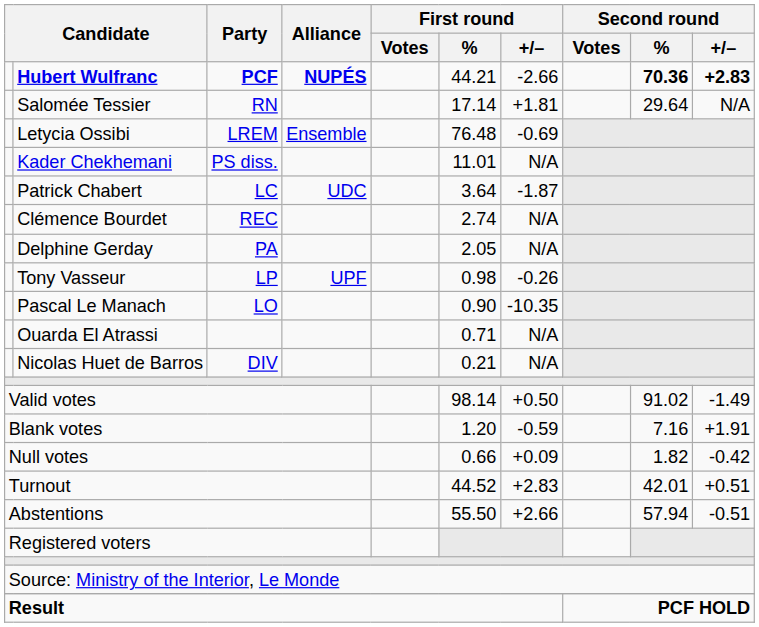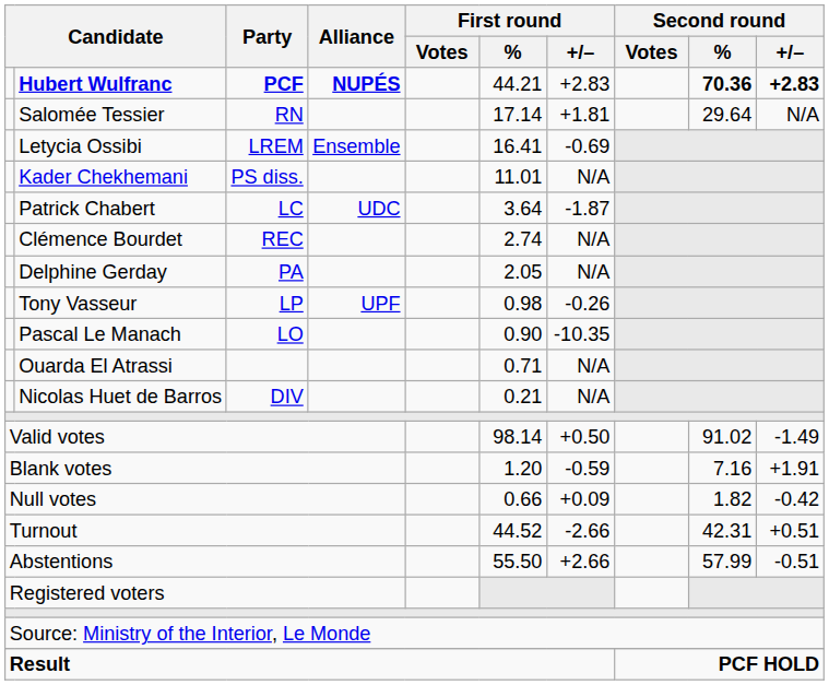 <table class="wikitable" style="text-align:right;font-size:95%;">
 <tr>
 <th rowspan="2" colspan="2">Candidate</th>
 <th rowspan="2">Party</th>
 <th rowspan="2">Alliance</th>
 <th colspan="3">First round</th>
 <th colspan="3">Second round</th>
 </tr>
 <tr>
 <th style="width:50px;">Votes</th>
 <th style="width:45px;">%</th>
 <th style="width:45px;">+/–</th>
 <th style="width:50px;">Votes</th>
 <th style="width:45px;">%</th>
 <th style="width:45px;">+/–</th>
 </tr>
 <tr>
 <td style="color:inherit;background:"></td>
 <td style="text-align:left;"><strong><a href='#'>Hubert Wulfranc</a></strong></td>
 <td><a href='#'><strong>PCF</strong></a> </td>
 <td><a href='#'><strong>NUPÉS</strong></a> </td>
 <td></td>
 <td>44.21</td>
-<td>-2.66</td>
+<td>+2.83</td>
 <td><strong></strong></td>
 <td><strong>70.36</strong></td>
 <td><strong>+2.83</strong></td>
 </tr>
 <tr>
 <td style="color:inherit;background:"></td>
 <td style="text-align:left;">Salomée Tessier</td>
 <td><a href='#'>RN</a> </td>
 <td></td>
 <td></td>
 <td>17.14</td>
 <td>+1.81</td>
 <td></td>
 <td>29.64</td>
 <td>N/A</td>
 </tr>
 <tr>
 <td style="color:inherit;background:"></td>
 <td style="text-align:left;">Letycia Ossibi</td>
 <td><a href='#'>LREM</a></td>
 <td><a href='#'>Ensemble</a></td>
 <td></td>
-<td>76.48</td>
+<td>16.41</td>
 <td>-0.69</td>
 <td colspan="3" style="background:#E9E9E9;"></td>
 </tr>
 <tr>
 <td style="color:inherit;background:"></td>
 <td style="text-align:left;"><a href='#'>Kader Chekhemani</a></td>
 <td><a href='#'>PS diss.</a></td>
 <td></td>
 <td></td>
 <td>11.01</td>
 <td>N/A</td>
 <td colspan="3" style="background:#E9E9E9;"></td>
 </tr>
 <tr>
 <td style="color:inherit;background:"></td>
 <td style="text-align:left;">Patrick Chabert</td>
 <td><a href='#'>LC</a></td>
 <td><a href='#'>UDC</a></td>
 <td></td>
 <td>3.64</td>
 <td>-1.87</td>
 <td colspan="3" style="background:#E9E9E9;"></td>
 </tr>
 <tr>
 <td style="color:inherit;background:"></td>
 <td style="text-align:left;">Clémence Bourdet</td>
 <td><a href='#'>REC</a></td>
 <td></td>
 <td></td>
 <td>2.74</td>
 <td>N/A</td>
 <td colspan="3" style="background:#E9E9E9;"></td>
 </tr>
 <tr>
 <td style="color:inherit;background:"></td>
 <td style="text-align:left;">Delphine Gerday</td>
 <td><a href='#'>PA</a></td>
 <td></td>
 <td></td>
 <td>2.05</td>
 <td>N/A</td>
 <td colspan="3" style="background:#E9E9E9;"></td>
 </tr>
 <tr>
 <td style="color:inherit;background:"></td>
 <td style="text-align:left;">Tony Vasseur</td>
 <td><a href='#'>LP</a></td>
 <td><a href='#'>UPF</a></td>
 <td></td>
 <td>0.98</td>
 <td>-0.26</td>
 <td colspan="3" style="background:#E9E9E9;"></td>
 </tr>
 <tr>
 <td style="color:inherit;background:"></td>
 <td style="text-align:left;">Pascal Le Manach</td>
 <td><a href='#'>LO</a></td>
 <td></td>
 <td></td>
 <td>0.90</td>
 <td>-10.35</td>
 <td colspan="3" style="background:#E9E9E9;"></td>
 </tr>
 <tr>
 <td style="color:inherit;background:"></td>
 <td style="text-align:left;">Ouarda El Atrassi</td>
 <td></td>
 <td></td>
 <td></td>
 <td>0.71</td>
 <td>N/A</td>
 <td colspan="3" style="background:#E9E9E9;"></td>
 </tr>
 <tr>
 <td style="color:inherit;background:"></td>
 <td style="text-align:left;">Nicolas Huet de Barros</td>
 <td><a href='#'>DIV</a></td>
 <td></td>
 <td></td>
 <td>0.21</td>
 <td>N/A</td>
 <td colspan="3" style="background:#E9E9E9;"></td>
 </tr>
 <tr>
 <td colspan="10" style="background:#E9E9E9;"></td>
 </tr>
 <tr>
 <td colspan="4" style="text-align:left;">Valid votes</td>
 <td></td>
 <td>98.14</td>
 <td>+0.50</td>
 <td></td>
 <td>91.02</td>
 <td>-1.49</td>
 </tr>
 <tr>
 <td colspan="4" style="text-align:left;">Blank votes</td>
 <td></td>
 <td>1.20</td>
 <td>-0.59</td>
 <td></td>
 <td>7.16</td>
 <td>+1.91</td>
 </tr>
 <tr>
 <td colspan="4" style="text-align:left;">Null votes</td>
 <td></td>
 <td>0.66</td>
 <td>+0.09</td>
 <td></td>
 <td>1.82</td>
 <td>-0.42</td>
 </tr>
 <tr>
 <td colspan="4" style="text-align:left;">Turnout</td>
 <td></td>
 <td>44.52</td>
-<td>+2.83</td>
+<td>-2.66</td>
 <td></td>
-<td>42.01</td>
+<td>42.31</td>
 <td>+0.51</td>
 </tr>
 <tr>
 <td colspan="4" style="text-align:left;">Abstentions</td>
 <td></td>
 <td>55.50</td>
 <td>+2.66</td>
 <td></td>
-<td>57.94</td>
+<td>57.99</td>
 <td>-0.51</td>
 </tr>
 <tr>
 <td colspan="4" style="text-align:left;">Registered voters</td>
 <td></td>
 <td colspan="2" style="background:#E9E9E9;"></td>
 <td></td>
 <td colspan="2" style="background:#E9E9E9;"></td>
 </tr>
 <tr>
 <td colspan="10" style="background:#E9E9E9;"></td>
 </tr>
 <tr>
 <td colspan="10" style="text-align:left;">Source: <a href='#'>Ministry of the Interior</a>, <a href='#'>Le Monde</a></td>
 </tr>
 <tr>
 </tr>
 <tr style="font-weight:bold">
 <td colspan="7" style="text-align:left;">Result</td>
 <td colspan="7" style="background-color:">PCF HOLD</td>
 </tr>
 </table>
